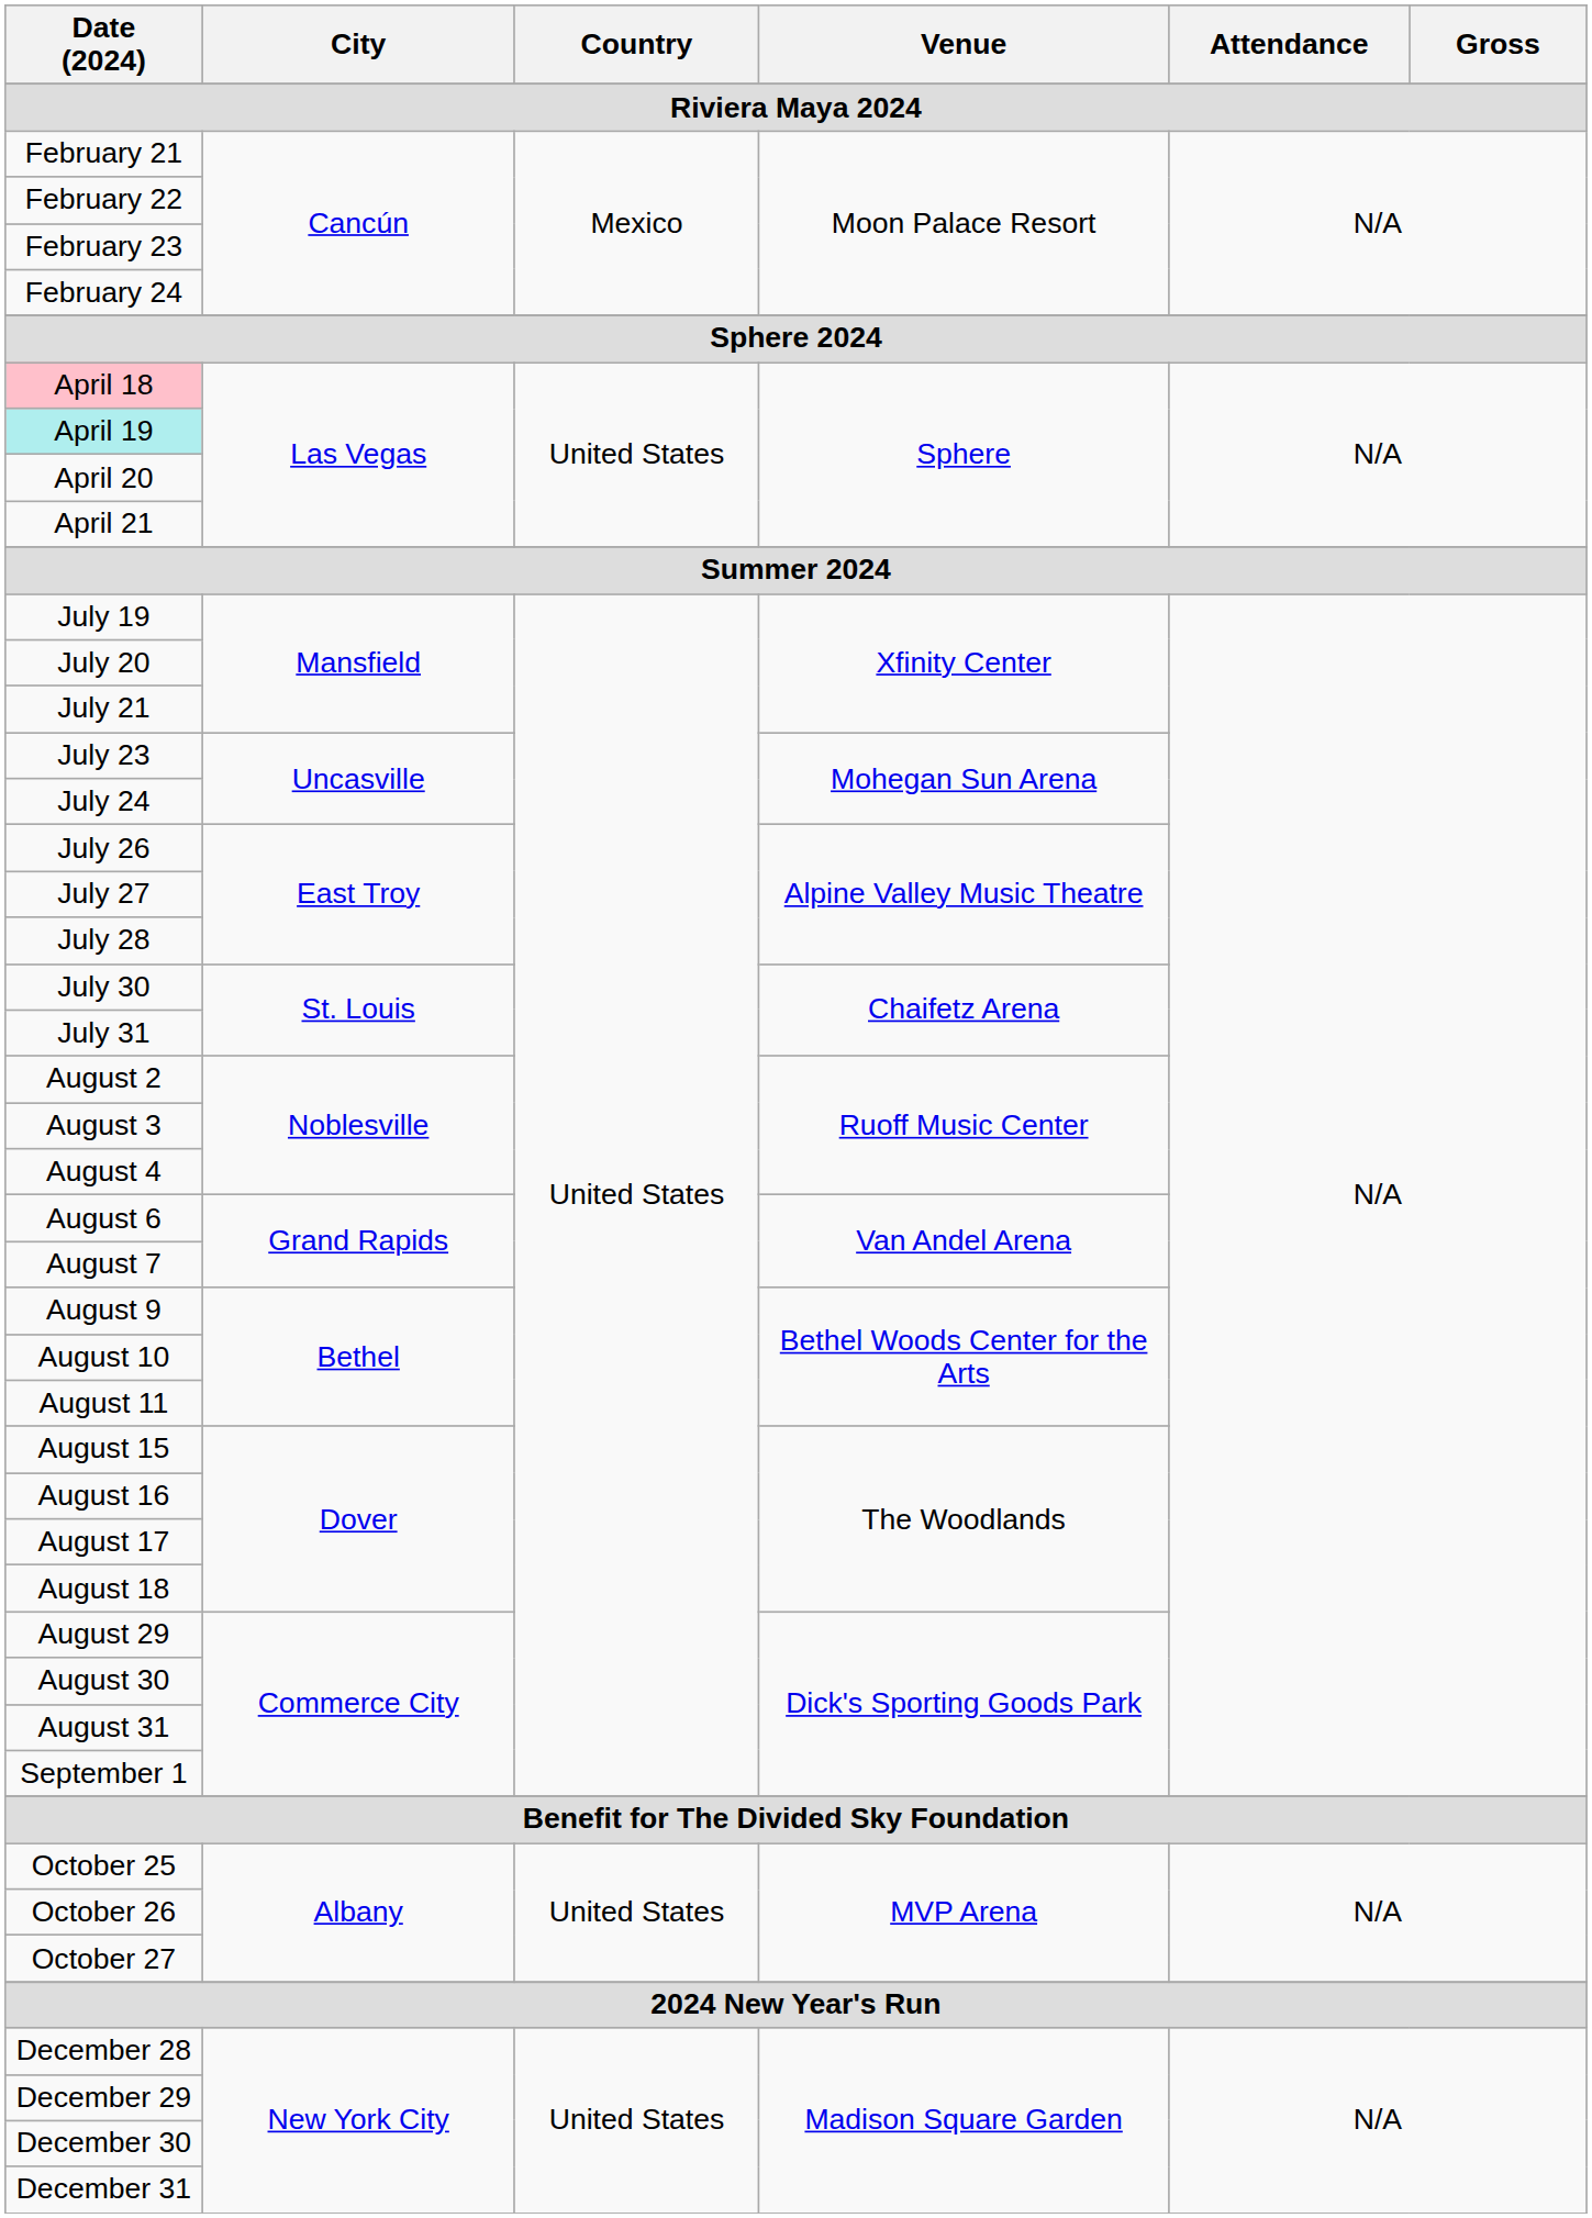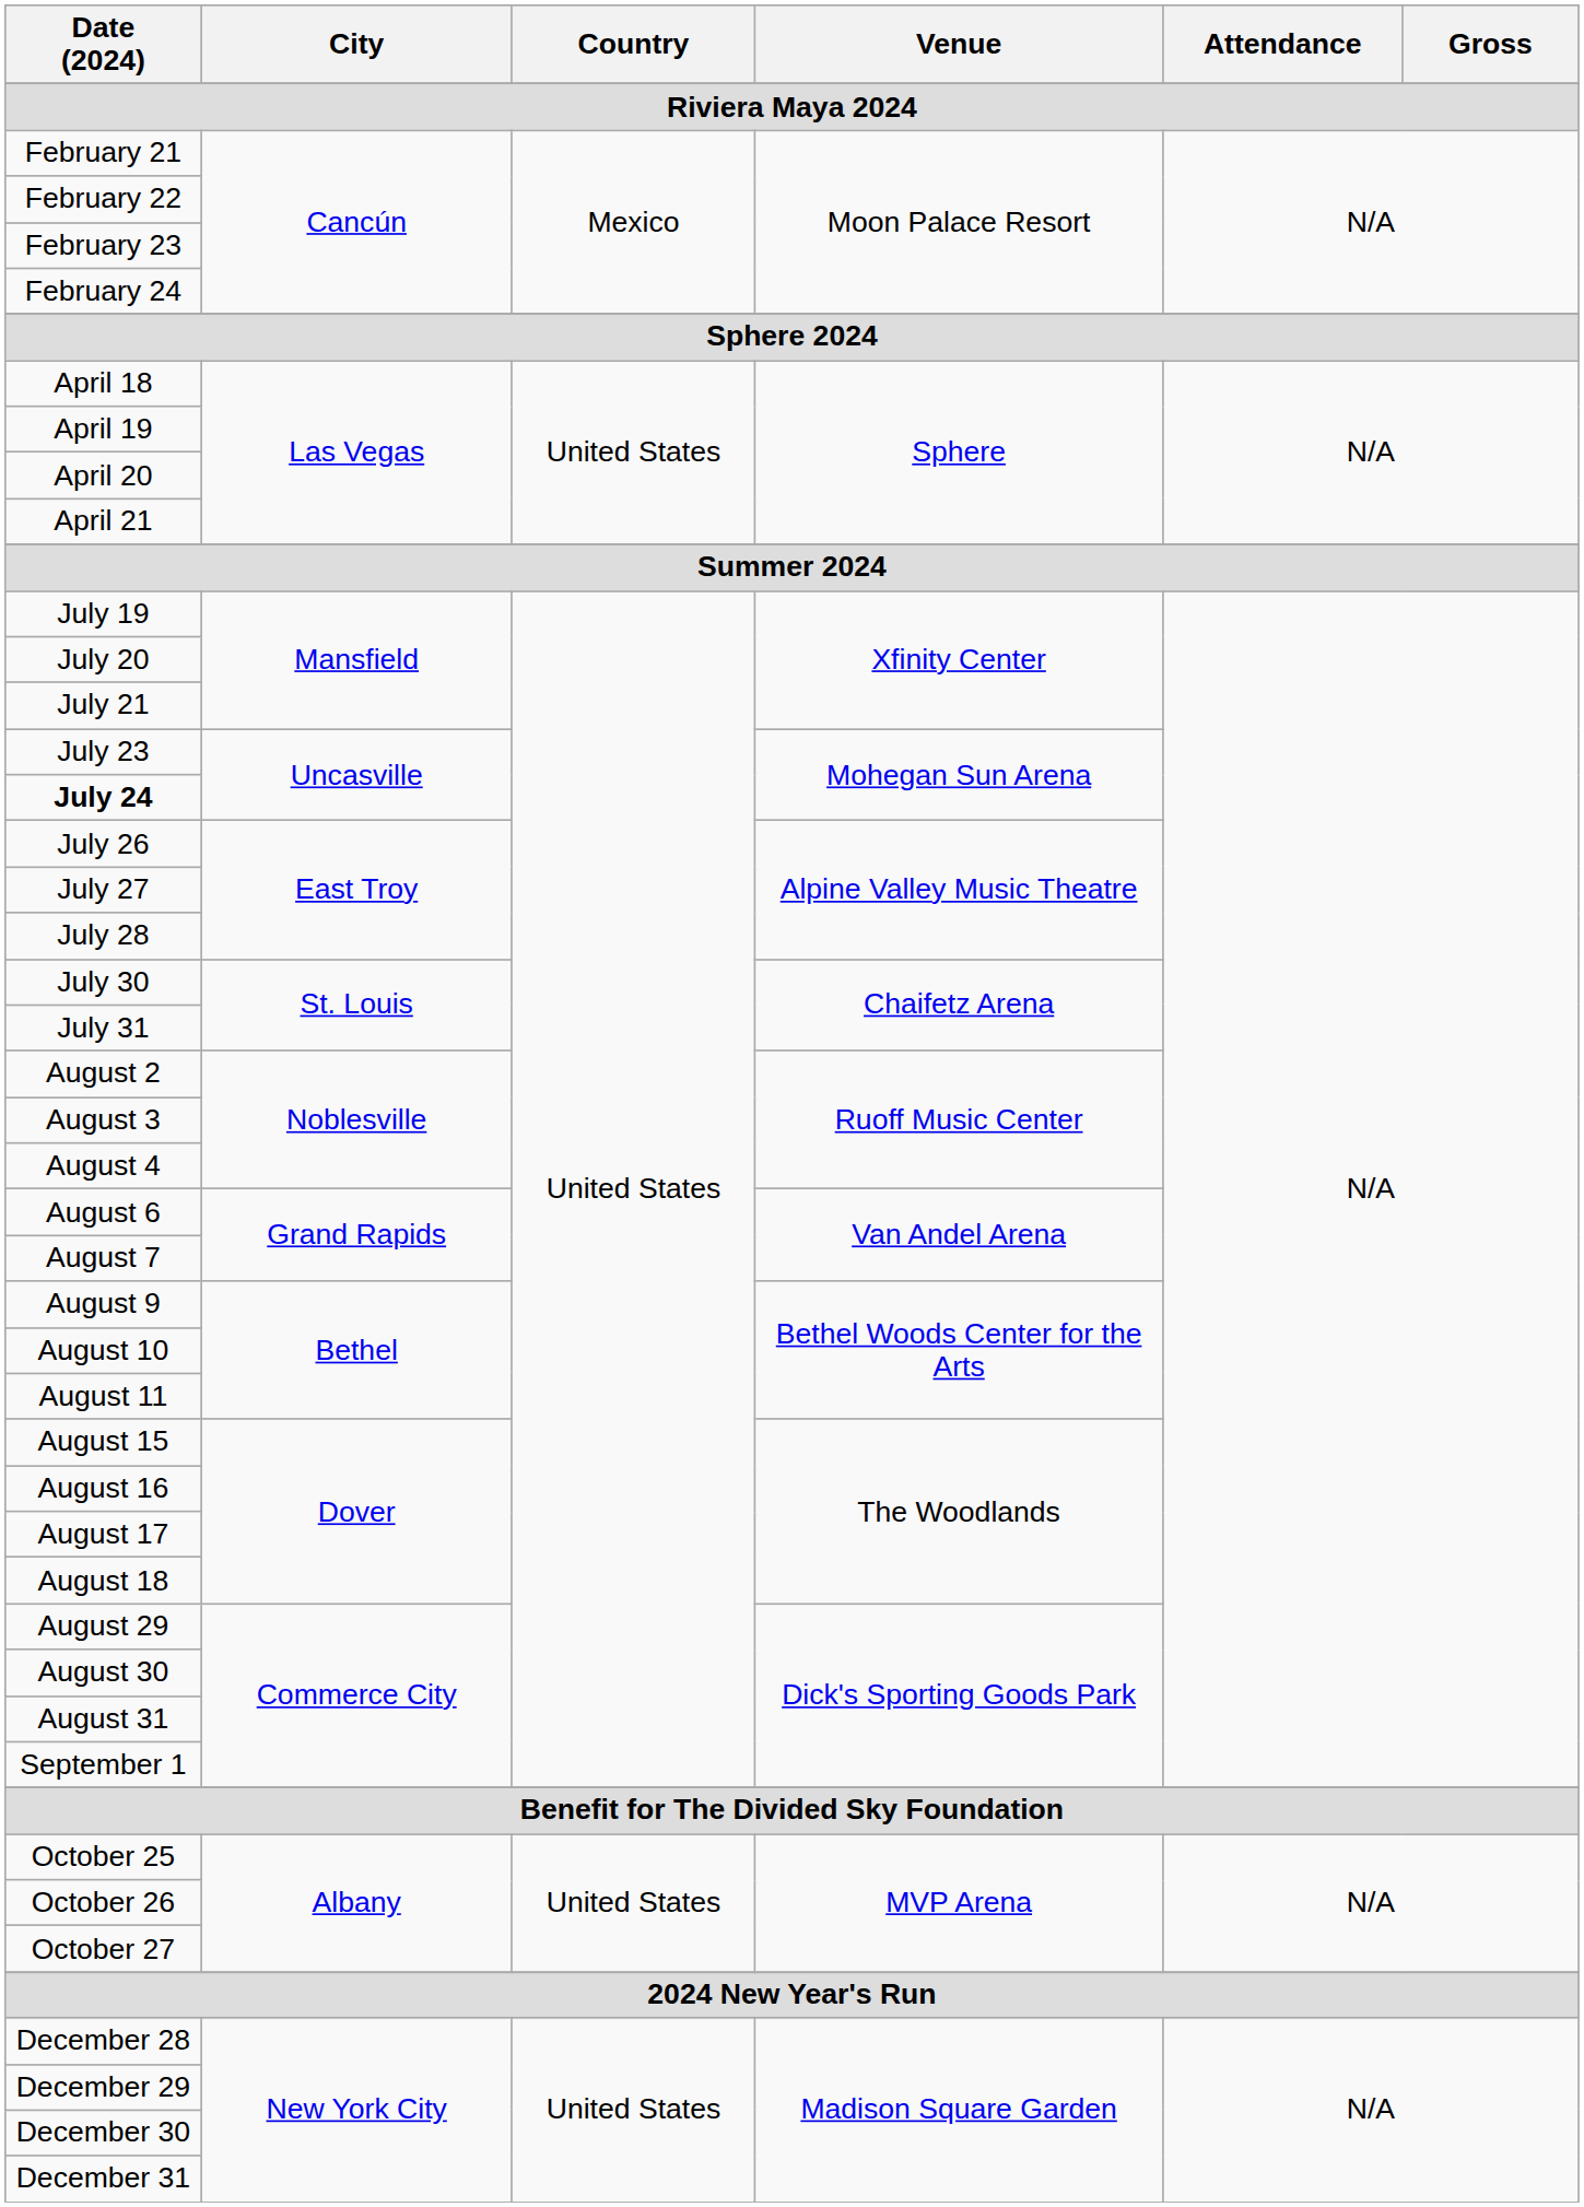 <table class="wikitable plainrowheaders" style="text-align:center;">
 <tr>
 <th scope="col" style="width:7em;">Date<br>(2024)</th>
 <th scope="col" style="width:13em;">City</th>
 <th scope="col" style="width:10em;">Country</th>
 <th scope="col" style="width:18em;">Venue</th>
 <th scope="col" style="width:9em;">Attendance</th>
 <th scope="col" style="width:7em;">Gross</th>
 </tr>
 <tr>
 </tr>
 <tr style="background:#ddd;">
 <td colspan="6" style="text-align:center;"><strong>Riviera Maya 2024</strong></td>
 </tr>
 <tr>
 <td>February 21</td>
 <td rowspan="4"><a href='#'>Cancún</a></td>
 <td rowspan="4">Mexico</td>
 <td rowspan="4">Moon Palace Resort</td>
 <td colspan="2" rowspan="4">N/A</td>
 </tr>
 <tr>
 <td>February 22</td>
 </tr>
 <tr>
 <td>February 23</td>
 </tr>
 <tr>
 <td>February 24</td>
 </tr>
 <tr>
 </tr>
 <tr style="background:#ddd;">
 <td colspan="6" style="text-align:center;"><strong>Sphere 2024</strong></td>
 </tr>
 <tr>
-<td style="background: pink;">April 18</td>
+<td>April 18</td>
 <td rowspan="4"><a href='#'>Las Vegas</a></td>
 <td rowspan="4">United States</td>
 <td rowspan="4"><a href='#'>Sphere</a></td>
 <td colspan="2" rowspan="4">N/A</td>
 </tr>
 <tr>
-<td style="background: paleturquoise;">April 19</td>
+<td>April 19</td>
 </tr>
 <tr>
 <td>April 20</td>
 </tr>
 <tr>
 <td>April 21</td>
 </tr>
 <tr>
 </tr>
 <tr style="background:#ddd;">
 <td colspan="6" style="text-align:center;"><strong>Summer 2024</strong></td>
 </tr>
 <tr>
 <td>July 19</td>
 <td rowspan="3"><a href='#'>Mansfield</a></td>
 <td rowspan="26">United States</td>
 <td rowspan="3"><a href='#'>Xfinity Center</a></td>
 <td colspan="2" rowspan="26">N/A</td>
 </tr>
 <tr>
 <td>July 20</td>
 </tr>
 <tr>
 <td>July 21</td>
 </tr>
 <tr>
 <td>July 23</td>
 <td rowspan="2"><a href='#'>Uncasville</a></td>
 <td rowspan="2"><a href='#'>Mohegan Sun Arena</a></td>
 </tr>
 <tr>
-<td>July 24</td>
+<td><strong>July 24</strong></td>
 </tr>
 <tr>
 <td>July 26</td>
 <td rowspan="3"><a href='#'>East Troy</a></td>
 <td rowspan="3"><a href='#'>Alpine Valley Music Theatre</a></td>
 </tr>
 <tr>
 <td>July 27</td>
 </tr>
 <tr>
 <td>July 28</td>
 </tr>
 <tr>
 <td>July 30</td>
 <td rowspan="2"><a href='#'>St. Louis</a></td>
 <td rowspan="2"><a href='#'>Chaifetz Arena</a></td>
 </tr>
 <tr>
 <td>July 31</td>
 </tr>
 <tr>
 <td>August 2</td>
 <td rowspan="3"><a href='#'>Noblesville</a></td>
 <td rowspan="3"><a href='#'>Ruoff Music Center</a></td>
 </tr>
 <tr>
 <td>August 3</td>
 </tr>
 <tr>
 <td>August 4</td>
 </tr>
 <tr>
 <td>August 6</td>
 <td rowspan="2"><a href='#'>Grand Rapids</a></td>
 <td rowspan="2"><a href='#'>Van Andel Arena</a></td>
 </tr>
 <tr>
 <td>August 7</td>
 </tr>
 <tr>
 <td>August 9</td>
 <td rowspan="3"><a href='#'>Bethel</a></td>
 <td rowspan="3"><a href='#'>Bethel Woods Center for the Arts</a></td>
 </tr>
 <tr>
 <td>August 10</td>
 </tr>
 <tr>
 <td>August 11</td>
 </tr>
 <tr>
 <td>August 15</td>
 <td rowspan="4"><a href='#'>Dover</a></td>
 <td rowspan="4">The Woodlands</td>
 </tr>
 <tr>
 <td>August 16</td>
 </tr>
 <tr>
 <td>August 17</td>
 </tr>
 <tr>
 <td>August 18</td>
 </tr>
 <tr>
 <td>August 29</td>
 <td rowspan="4"><a href='#'>Commerce City</a></td>
 <td rowspan="4"><a href='#'>Dick's Sporting Goods Park</a></td>
 </tr>
 <tr>
 <td>August 30</td>
 </tr>
 <tr>
 <td>August 31</td>
 </tr>
 <tr>
 <td>September 1</td>
 </tr>
 <tr>
 </tr>
 <tr style="background:#ddd;">
 <td colspan="6" style="text-align:center;"><strong>Benefit for The Divided Sky Foundation</strong></td>
 </tr>
 <tr>
 <td>October 25</td>
 <td rowspan="3"><a href='#'>Albany</a></td>
 <td rowspan="3">United States</td>
 <td rowspan="3"><a href='#'>MVP Arena</a></td>
 <td colspan="2" rowspan="3">N/A</td>
 </tr>
 <tr>
 <td>October 26</td>
 </tr>
 <tr>
 <td>October 27</td>
 </tr>
 <tr>
 </tr>
 <tr style="background:#ddd;">
 <td colspan="6" style="text-align:center;"><strong>2024 New Year's Run</strong></td>
 </tr>
 <tr>
 <td>December 28</td>
 <td rowspan="4"><a href='#'>New York City</a></td>
 <td rowspan="4">United States</td>
 <td rowspan="4"><a href='#'>Madison Square Garden</a></td>
 <td colspan="2" rowspan="4">N/A</td>
 </tr>
 <tr>
 <td>December 29</td>
 </tr>
 <tr>
 <td>December 30</td>
 </tr>
 <tr>
 <td>December 31</td>
 </tr>
 <tr>
 </tr>
 </table>
